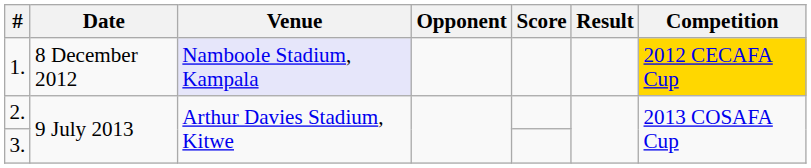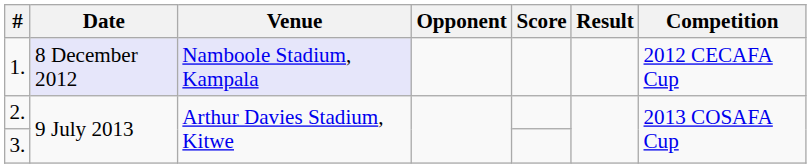 <table class="wikitable sortable collapsible collapsed">
 <tr>
 <th>#</th>
 <th>Date</th>
 <th>Venue</th>
 <th>Opponent</th>
 <th>Score</th>
 <th>Result</th>
 <th>Competition</th>
 </tr>
 <tr>
 <td>1.</td>
-<td>8 December 2012</td>
+<td style="background: lavender;">8 December 2012</td>
 <td style="background: lavender;"><a href='#'>Namboole Stadium</a>, <a href='#'>Kampala</a></td>
 <td></td>
 <td></td>
 <td></td>
-<td style="background: gold;"><a href='#'>2012 CECAFA Cup</a></td>
+<td><a href='#'>2012 CECAFA Cup</a></td>
 </tr>
 <tr>
 <td>2.</td>
 <td rowspan="2">9 July 2013</td>
 <td rowspan="2"><a href='#'>Arthur Davies Stadium</a>, <a href='#'>Kitwe</a></td>
 <td rowspan="2"></td>
 <td></td>
 <td rowspan="2"></td>
 <td rowspan="2"><a href='#'>2013 COSAFA Cup</a></td>
 </tr>
 <tr>
 <td>3.</td>
 <td></td>
 </tr>
 </table>
